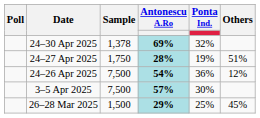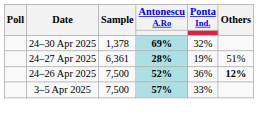 <table class="wikitable sortable" style="text-align:center;font-size:85%;line-height:14px;">
 <tr>
 <th rowspan="2">Poll</th>
 <th rowspan="2">Date</th>
 <th rowspan="2" style="width:35px;">Sample</th>
 <th class="unsortable" style="width:20px;"><a href='#'>Antonescu</a><br><small><a href='#'>A.Ro</a></small></th>
 <th class="unsortable" style="width:20px;"><a href='#'>Ponta</a><br><small><a href='#'>Ind.</a></small></th>
 <th rowspan="2">Others</th>
 </tr>
 <tr>
 <th style="background:"></th>
 <th style="background:#E02043; "></th>
 </tr>
 <tr>
 <td></td>
 <td>24–30 Apr 2025</td>
 <td>1,378</td>
 <td style="background:#ACE0E5"><strong>69%</strong></td>
 <td>32%</td>
 <td></td>
 </tr>
 <tr>
 <td></td>
 <td>24–27 Apr 2025</td>
-<td>1,750</td>
+<td>6,361</td>
 <td style="background:#ACE0E5"><strong>28%</strong></td>
 <td>19%</td>
 <td>51%</td>
 </tr>
 <tr>
 <td></td>
 <td>24–26 Apr 2025</td>
 <td>7,500</td>
-<td style="background:#ACE0E5"><strong>54%</strong></td>
+<td style="background:#ACE0E5"><strong>52%</strong></td>
 <td>36%</td>
-<td>12%</td>
+<td><strong>12%</strong></td>
 </tr>
 <tr>
 <td></td>
 <td>3–5 Apr 2025</td>
 <td>7,500</td>
 <td style="background:#ACE0E5"><strong>57%</strong></td>
-<td>30%</td>
+<td>33%</td>
 <td></td>
 </tr>
-<tr>
-<td></td>
-<td>26–28 Mar 2025</td>
-<td>1,500</td>
-<td style="background:#ACE0E5"><strong>29%</strong></td>
-<td>25%</td>
-<td>45%</td>
-</tr>
 </table>
